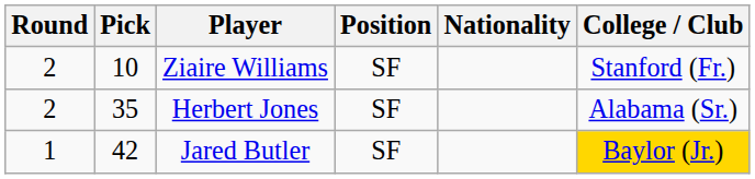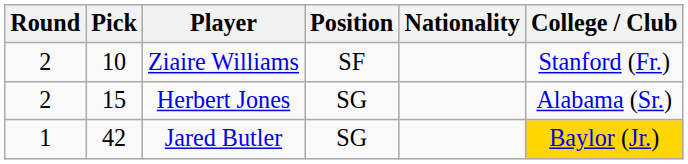 <table class="wikitable sortable sortable">
 <tr>
 <th style="background:#">Round</th>
 <th style="background:#">Pick</th>
 <th style="background:#">Player</th>
 <th style="background:#">Position</th>
 <th style="background:#">Nationality</th>
 <th style="background:#">College / Club</th>
 </tr>
 <tr style="text-align: center">
 <td>2</td>
 <td>10</td>
 <td><a href='#'>Ziaire Williams</a></td>
 <td>SF</td>
 <td></td>
 <td><a href='#'>Stanford</a> (<a href='#'>Fr.</a>)</td>
 </tr>
 <tr style="text-align: center">
 <td>2</td>
-<td>35</td>
+<td>15</td>
 <td><a href='#'>Herbert Jones</a></td>
-<td>SF</td>
+<td>SG</td>
 <td></td>
 <td><a href='#'>Alabama</a> (<a href='#'>Sr.</a>)</td>
 </tr>
 <tr style="text-align: center">
 <td>1</td>
 <td>42</td>
 <td><a href='#'>Jared Butler</a></td>
-<td>SF</td>
+<td>SG</td>
 <td></td>
 <td style="background: gold;"><a href='#'>Baylor</a> (<a href='#'>Jr.</a>)</td>
 </tr>
 </table>
